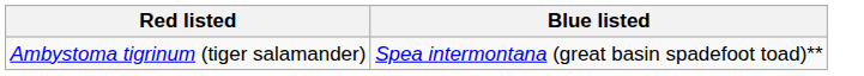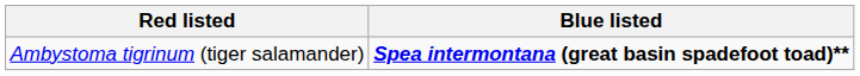 <table class="wikitable">
 <tr>
 <th>Red listed</th>
 <th>Blue listed</th>
 </tr>
 <tr>
 <td><a href='#'><em>Ambystoma tigrinum</em></a> (tiger salamander)</td>
-<td><a href='#'><em>Spea intermontana</em></a> (great basin spadefoot toad)**</td>
+<td><strong><a href='#'><em>Spea intermontana</em></a> (great basin spadefoot toad)**</strong></td>
 </tr>
 </table>
